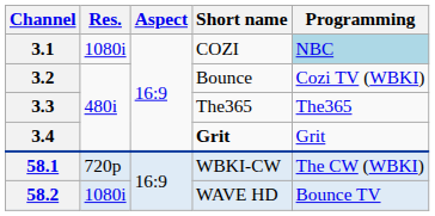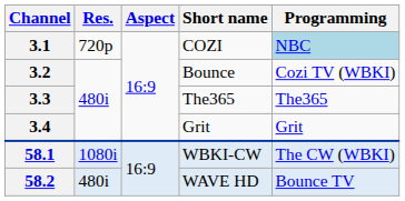 <table class="wikitable">
 <tr>
 <th scope = "col"><a href='#'>Channel</a></th>
 <th scope = "col"><a href='#'>Res.</a></th>
 <th scope = "col"><a href='#'>Aspect</a></th>
 <th scope = "col">Short name</th>
 <th scope = "col">Programming</th>
 </tr>
 <tr>
 <th scope = "row">3.1</th>
-<td><a href='#'>1080i</a></td>
+<td>720p</td>
 <td rowspan=4><a href='#'>16:9</a></td>
 <td>COZI</td>
 <td style="background: lightblue;"><a href='#'>NBC</a></td>
 </tr>
 <tr>
 <th scope = "row">3.2</th>
 <td rowspan=3><a href='#'>480i</a></td>
 <td>Bounce</td>
 <td><a href='#'>Cozi TV</a> (<a href='#'>WBKI</a>)</td>
 </tr>
 <tr>
 <th scope = "row">3.3</th>
 <td>The365</td>
 <td><a href='#'>The365</a></td>
 </tr>
 <tr>
 <th scope = "row">3.4</th>
-<td><strong>Grit</strong></td>
+<td>Grit</td>
 <td><a href='#'>Grit</a></td>
 </tr>
 <tr style="background-color:#DFEBF6; border-top: 2px solid #003399;">
 <th scope="row"><a href='#'>58.1</a></th>
-<td>720p</td>
+<td><a href='#'>1080i</a></td>
 <td rowspan = 2>16:9</td>
 <td>WBKI-CW</td>
 <td><a href='#'>The CW</a> (<a href='#'>WBKI</a>)</td>
 </tr>
 <tr style="background-color:#DFEBF6;">
 <th scope="row"><a href='#'>58.2</a></th>
-<td><a href='#'>1080i</a></td>
+<td>480i</td>
 <td>WAVE HD</td>
 <td><a href='#'>Bounce TV</a></td>
 </tr>
 </table>
